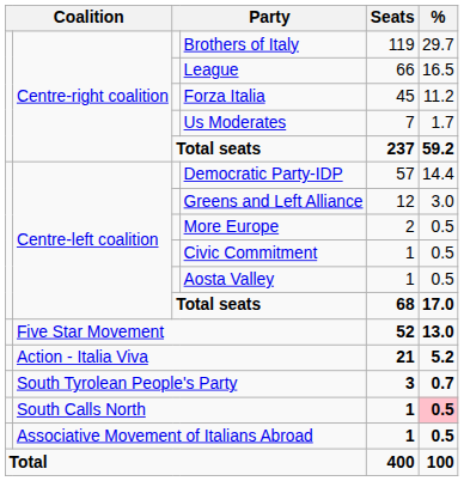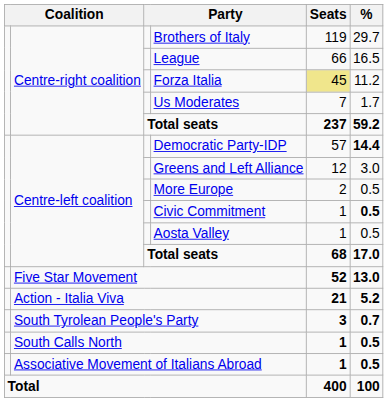 <table class="wikitable" style="text-align:right">
 <tr>
 <th colspan="2" rowspan="1">Coalition</th>
 <th colspan="2" rowspan="1">Party</th>
 <th style="text-align:center;">Seats</th>
 <th style="text-align:center;">%</th>
 </tr>
 <tr>
 <td rowspan="5"></td>
 <td rowspan="5" style="text-align:left;"><a href='#'>Centre-right coalition</a></td>
 <td></td>
 <td align="left"><a href='#'>Brothers of Italy</a></td>
 <td>119</td>
 <td>29.7</td>
 </tr>
 <tr>
 <td></td>
 <td align="left"><a href='#'>League</a></td>
 <td>66</td>
 <td>16.5</td>
 </tr>
 <tr>
 <td></td>
 <td align="left"><a href='#'>Forza Italia</a></td>
-<td>45</td>
+<td style="background: khaki;">45</td>
 <td>11.2</td>
 </tr>
 <tr>
 <td></td>
 <td align="left"><a href='#'>Us Moderates</a></td>
 <td>7</td>
 <td>1.7</td>
 </tr>
 <tr>
 <td colspan="2" style="text-align:left;"><strong>Total seats</strong></td>
 <td><strong>237</strong></td>
 <td><strong>59.2</strong></td>
 </tr>
 <tr>
 <td rowspan="6"></td>
 <td rowspan="6" style="text-align:left;"><a href='#'>Centre-left coalition</a></td>
 <td></td>
 <td style="text-align:left;"><a href='#'>Democratic Party-IDP</a></td>
 <td>57</td>
-<td>14.4</td>
+<td><strong>14.4</strong></td>
 </tr>
 <tr>
 <td></td>
 <td style="text-align:left;"><a href='#'>Greens and Left Alliance</a></td>
 <td>12</td>
 <td>3.0</td>
 </tr>
 <tr>
 <td></td>
 <td style="text-align:left;"><a href='#'>More Europe</a></td>
 <td>2</td>
 <td>0.5</td>
 </tr>
 <tr>
 <td></td>
 <td style="text-align:left;"><a href='#'>Civic Commitment</a></td>
 <td>1</td>
-<td>0.5</td>
+<td><strong>0.5</strong></td>
 </tr>
 <tr>
 <td></td>
 <td style="text-align:left;"><a href='#'>Aosta Valley</a></td>
 <td>1</td>
 <td>0.5</td>
 </tr>
 <tr>
 <td colspan="2" style="text-align:left;"><strong>Total seats</strong></td>
 <td><strong>68</strong></td>
 <td><strong>17.0</strong></td>
 </tr>
 <tr>
 <td style="background:"></td>
 <td colspan="3" style="text-align:left;"><a href='#'>Five Star Movement</a></td>
 <td><strong>52</strong></td>
 <td><strong>13.0</strong></td>
 </tr>
 <tr>
 <td style="background:"></td>
 <td colspan="3" style="text-align:left;"><a href='#'>Action - Italia Viva</a></td>
 <td><strong>21</strong></td>
 <td><strong>5.2</strong></td>
 </tr>
 <tr>
 <td style="background:"></td>
 <td colspan="3" style="text-align:left;"><a href='#'>South Tyrolean People's Party</a></td>
 <td><strong>3</strong></td>
 <td><strong>0.7</strong></td>
 </tr>
 <tr>
 <td></td>
 <td colspan="3" style="text-align:left;"><a href='#'>South Calls North</a></td>
 <td><strong>1</strong></td>
-<td style="background: pink;"><strong>0.5</strong></td>
+<td><strong>0.5</strong></td>
 </tr>
 <tr>
 <td></td>
 <td colspan="3" style="text-align:left;"><a href='#'>Associative Movement of Italians Abroad</a></td>
 <td><strong>1</strong></td>
 <td><strong>0.5</strong></td>
 </tr>
 <tr>
 <td colspan="4" style="text-align:left;"><strong>Total</strong></td>
 <td><strong>400</strong></td>
 <td><strong>100</strong></td>
 </tr>
 </table>
